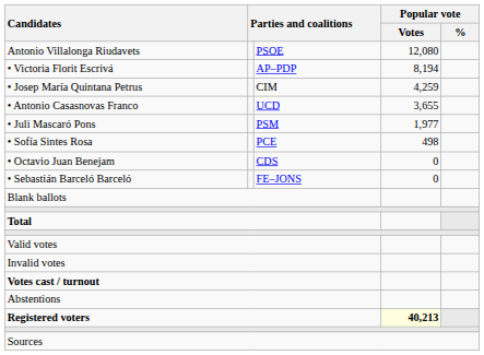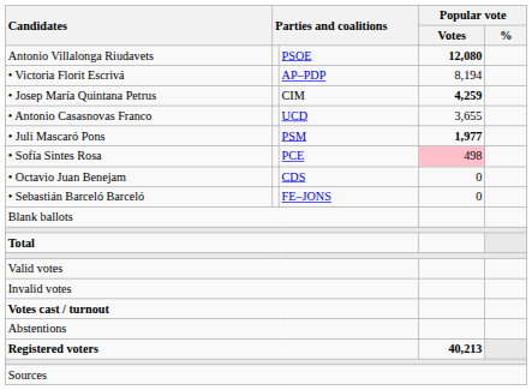 <table class="wikitable" style="text-align:right; font-size:95%;">
 <tr>
 <th style="text-align:left;" rowspan="2" width="325">Candidates</th>
 <th style="text-align:left;" rowspan="2" colspan="2" width="175">Parties and coalitions</th>
 <th colspan="2">Popular vote</th>
 </tr>
 <tr>
 <th width="75">Votes</th>
 <th width="45">%</th>
 </tr>
 <tr>
 <td align="left"> Antonio Villalonga Riudavets</td>
 <td width="1" style="color:inherit;background:"></td>
 <td align="left"><a href='#'>PSOE</a></td>
-<td>12,080</td>
+<td><strong>12,080</strong></td>
 <td></td>
 </tr>
 <tr>
 <td align="left">• Victoria Florit Escrivá</td>
 <td style="color:inherit;background:"></td>
 <td align="left"><a href='#'>AP–PDP</a></td>
 <td>8,194</td>
 <td></td>
 </tr>
 <tr>
 <td align="left">• Josep María Quintana Petrus</td>
 <td style="color:inherit;background:"></td>
 <td align="left">CIM</td>
-<td>4,259</td>
+<td><strong>4,259</strong></td>
 <td></td>
 </tr>
 <tr>
 <td align="left">• Antonio Casasnovas Franco</td>
 <td style="color:inherit;background:"></td>
 <td align="left"><a href='#'>UCD</a></td>
 <td>3,655</td>
 <td></td>
 </tr>
 <tr>
 <td align="left">• Juli Mascaró Pons</td>
 <td style="color:inherit;background:"></td>
 <td align="left"><a href='#'>PSM</a></td>
-<td>1,977</td>
+<td><strong>1,977</strong></td>
 <td></td>
 </tr>
 <tr>
 <td align="left">• Sofía Sintes Rosa</td>
 <td style="color:inherit;background:"></td>
 <td align="left"><a href='#'>PCE</a></td>
-<td>498</td>
+<td style="background: pink;">498</td>
 <td></td>
 </tr>
 <tr>
 <td align="left">• Octavio Juan Benejam</td>
 <td style="color:inherit;background:"></td>
 <td align="left"><a href='#'>CDS</a></td>
 <td>0</td>
 <td></td>
 </tr>
 <tr>
 <td align="left">• Sebastián Barceló Barceló</td>
 <td style="color:inherit;background:"></td>
 <td align="left"><a href='#'>FE–JONS</a></td>
 <td>0</td>
 <td></td>
 </tr>
 <tr>
 <td align="left" colspan="3">Blank ballots</td>
 <td></td>
 <td></td>
 </tr>
 <tr>
 <td colspan="5" bgcolor="#E9E9E9"></td>
 </tr>
 <tr style="font-weight:bold;">
 <td align="left" colspan="3">Total</td>
 <td></td>
 <td bgcolor="#E9E9E9"></td>
 </tr>
 <tr>
 <td colspan="5" bgcolor="#E9E9E9"></td>
 </tr>
 <tr>
 <td align="left" colspan="3">Valid votes</td>
 <td></td>
 <td></td>
 </tr>
 <tr>
 <td align="left" colspan="3">Invalid votes</td>
 <td></td>
 <td></td>
 </tr>
 <tr style="font-weight:bold;">
 <td align="left" colspan="3">Votes cast / turnout</td>
 <td></td>
 <td></td>
 </tr>
 <tr>
 <td align="left" colspan="3">Abstentions</td>
 <td></td>
 <td></td>
 </tr>
 <tr style="font-weight:bold;">
 <td align="left" colspan="3">Registered voters</td>
-<td style="background: lightyellow;">40,213</td>
+<td>40,213</td>
 <td bgcolor="#E9E9E9"></td>
 </tr>
 <tr>
 <td colspan="5" bgcolor="#E9E9E9"></td>
 </tr>
 <tr>
 <td align="left" colspan="5">Sources</td>
 </tr>
 </table>
